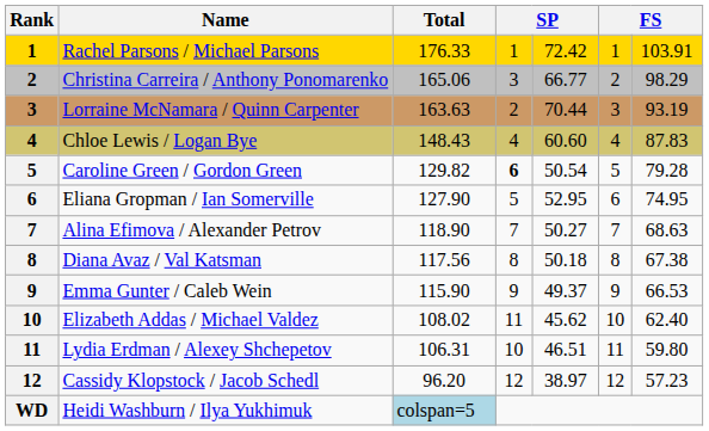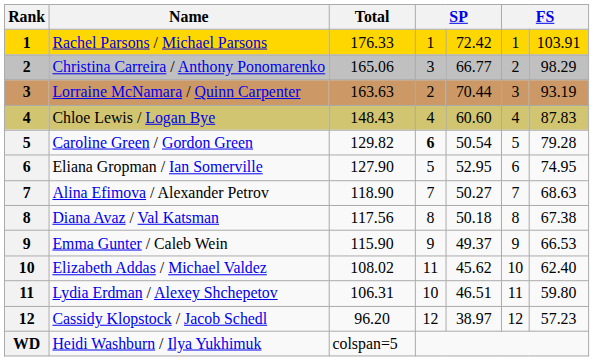 <table class="wikitable sortable">
 <tr>
 <th>Rank</th>
 <th>Name</th>
 <th width="80px">Total</th>
 <th colspan="2" width="80px"><a href='#'>SP</a></th>
 <th colspan="2" width="80px"><a href='#'>FS</a></th>
 </tr>
 <tr bgcolor="gold">
 <td align="center"><strong>1</strong></td>
 <td><a href='#'>Rachel Parsons</a> / <a href='#'>Michael Parsons</a></td>
 <td align="center">176.33</td>
 <td align="center">1</td>
 <td align="center">72.42</td>
 <td align="center">1</td>
 <td align="center">103.91</td>
 </tr>
 <tr bgcolor="silver">
 <td align="center"><strong>2</strong></td>
 <td><a href='#'>Christina Carreira</a> / <a href='#'>Anthony Ponomarenko</a></td>
 <td align="center">165.06</td>
 <td align="center">3</td>
 <td align="center">66.77</td>
 <td align="center">2</td>
 <td align="center">98.29</td>
 </tr>
 <tr bgcolor="cc9966">
 <td align="center"><strong>3</strong></td>
 <td><a href='#'>Lorraine McNamara</a> / <a href='#'>Quinn Carpenter</a></td>
 <td align="center">163.63</td>
 <td align="center">2</td>
 <td align="center">70.44</td>
 <td align="center">3</td>
 <td align="center">93.19</td>
 </tr>
 <tr bgcolor="#d1c571">
 <td align="center"><strong>4</strong></td>
 <td>Chloe Lewis / <a href='#'>Logan Bye</a></td>
 <td align="center">148.43</td>
 <td align="center">4</td>
 <td align="center">60.60</td>
 <td align="center">4</td>
 <td align="center">87.83</td>
 </tr>
 <tr>
 <th>5</th>
 <td><a href='#'>Caroline Green</a> / <a href='#'>Gordon Green</a></td>
 <td align="center">129.82</td>
 <td align="center"><strong>6</strong></td>
 <td align="center">50.54</td>
 <td align="center">5</td>
 <td align="center">79.28</td>
 </tr>
 <tr>
 <th>6</th>
 <td>Eliana Gropman / <a href='#'>Ian Somerville</a></td>
 <td align="center">127.90</td>
 <td align="center">5</td>
 <td align="center">52.95</td>
 <td align="center">6</td>
 <td align="center">74.95</td>
 </tr>
 <tr>
 <th>7</th>
 <td><a href='#'>Alina Efimova</a> / Alexander Petrov</td>
 <td align="center">118.90</td>
 <td align="center">7</td>
 <td align="center">50.27</td>
 <td align="center">7</td>
 <td align="center">68.63</td>
 </tr>
 <tr>
 <th>8</th>
 <td><a href='#'>Diana Avaz</a> / <a href='#'>Val Katsman</a></td>
 <td align="center">117.56</td>
 <td align="center">8</td>
 <td align="center">50.18</td>
 <td align="center">8</td>
 <td align="center">67.38</td>
 </tr>
 <tr>
 <th>9</th>
 <td><a href='#'>Emma Gunter</a> / Caleb Wein</td>
 <td align="center">115.90</td>
 <td align="center">9</td>
 <td align="center">49.37</td>
 <td align="center">9</td>
 <td align="center">66.53</td>
 </tr>
 <tr>
 <th>10</th>
 <td><a href='#'>Elizabeth Addas</a> / <a href='#'>Michael Valdez</a></td>
 <td align="center">108.02</td>
 <td align="center">11</td>
 <td align="center">45.62</td>
 <td align="center">10</td>
 <td align="center">62.40</td>
 </tr>
 <tr>
 <th>11</th>
 <td><a href='#'>Lydia Erdman</a> / <a href='#'>Alexey Shchepetov</a></td>
 <td align="center">106.31</td>
 <td align="center">10</td>
 <td align="center">46.51</td>
 <td align="center">11</td>
 <td align="center">59.80</td>
 </tr>
 <tr>
 <th>12</th>
 <td><a href='#'>Cassidy Klopstock</a> / <a href='#'>Jacob Schedl</a></td>
 <td align="center">96.20</td>
 <td align="center">12</td>
 <td align="center">38.97</td>
 <td align="center">12</td>
 <td align="center">57.23</td>
 </tr>
 <tr>
 <th>WD</th>
 <td><a href='#'>Heidi Washburn</a> / <a href='#'>Ilya Yukhimuk</a></td>
-<td style="background: lightblue;">colspan=5 </td>
+<td>colspan=5 </td>
 </tr>
 </table>
